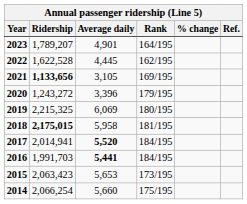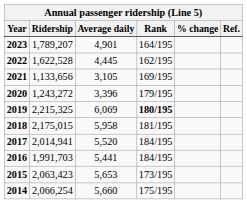 <table class="wikitable sortable" style="text-align:right;">
 <tr>
 <th colspan="6" style="background-color:#">Annual passenger ridership (Line 5)</th>
 </tr>
 <tr style="font-size:95%; text-align:center">
 <th style="border-bottom:1px solid black">Year</th>
 <th style="border-bottom:1px solid black">Ridership</th>
 <th style="border-bottom:1px solid black">Average daily</th>
 <th style="border-bottom:1px solid black">Rank</th>
 <th style="border-bottom:1px solid black">% change</th>
 <th style="border-bottom:1px solid black">Ref.</th>
 </tr>
 <tr style="text-align:center;">
 <td><strong>2023</strong></td>
 <td>1,789,207</td>
 <td>4,901</td>
 <td>164/195</td>
 <td></td>
 <td></td>
 </tr>
 <tr style="text-align:center;">
 <td><strong>2022</strong></td>
 <td>1,622,528</td>
 <td>4,445</td>
 <td>162/195</td>
 <td></td>
 <td></td>
 </tr>
 <tr style="text-align:center;">
 <td><strong>2021</strong></td>
-<td><strong>1,133,656</strong></td>
+<td>1,133,656</td>
 <td>3,105</td>
 <td>169/195</td>
 <td></td>
 <td></td>
 </tr>
 <tr style="text-align:center;">
 <td><strong>2020</strong></td>
 <td>1,243,272</td>
 <td>3,396</td>
 <td>179/195</td>
 <td></td>
 <td></td>
 </tr>
 <tr style="text-align:center;">
 <td><strong>2019</strong></td>
 <td>2,215,325</td>
 <td>6,069</td>
-<td>180/195</td>
+<td><strong>180/195</strong></td>
 <td></td>
 <td></td>
 </tr>
 <tr style="text-align:center;">
 <td><strong>2018</strong></td>
-<td><strong>2,175,015</strong></td>
+<td>2,175,015</td>
 <td>5,958</td>
 <td>181/195</td>
 <td></td>
 <td></td>
 </tr>
 <tr style="text-align:center;">
 <td><strong>2017</strong></td>
 <td>2,014,941</td>
-<td><strong>5,520</strong></td>
+<td>5,520</td>
 <td>184/195</td>
 <td></td>
 <td></td>
 </tr>
 <tr style="text-align:center;">
 <td><strong>2016</strong></td>
 <td>1,991,703</td>
-<td><strong>5,441</strong></td>
+<td>5,441</td>
 <td>184/195</td>
 <td></td>
 <td></td>
 </tr>
 <tr style="text-align:center;">
 <td><strong>2015</strong></td>
 <td>2,063,423</td>
 <td>5,653</td>
 <td>173/195</td>
 <td></td>
 <td></td>
 </tr>
 <tr style="text-align:center;">
 <td><strong>2014</strong></td>
 <td>2,066,254</td>
 <td>5,660</td>
 <td>175/195</td>
 <td></td>
 <td></td>
 </tr>
 </table>
